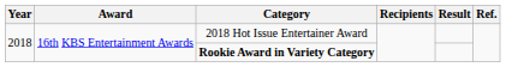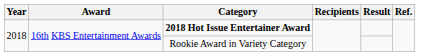 <table class=wikitable style=text-align:center>
 <tr>
 <th>Year</th>
 <th>Award</th>
 <th>Category</th>
 <th>Recipients</th>
 <th>Result</th>
 <th>Ref.</th>
 </tr>
 <tr>
 <td rowspan=2>2018</td>
 <td rowspan=2><a href='#'>16th</a> <a href='#'>KBS Entertainment Awards</a></td>
-<td>2018 Hot Issue Entertainer Award</td>
+<td><strong>2018 Hot Issue Entertainer Award</strong></td>
 <td rowspan=2></td>
 <td></td>
 <td rowspan=2></td>
 </tr>
 <tr>
-<td><strong>Rookie Award in Variety Category</strong></td>
+<td>Rookie Award in Variety Category</td>
 <td></td>
 </tr>
 </table>
